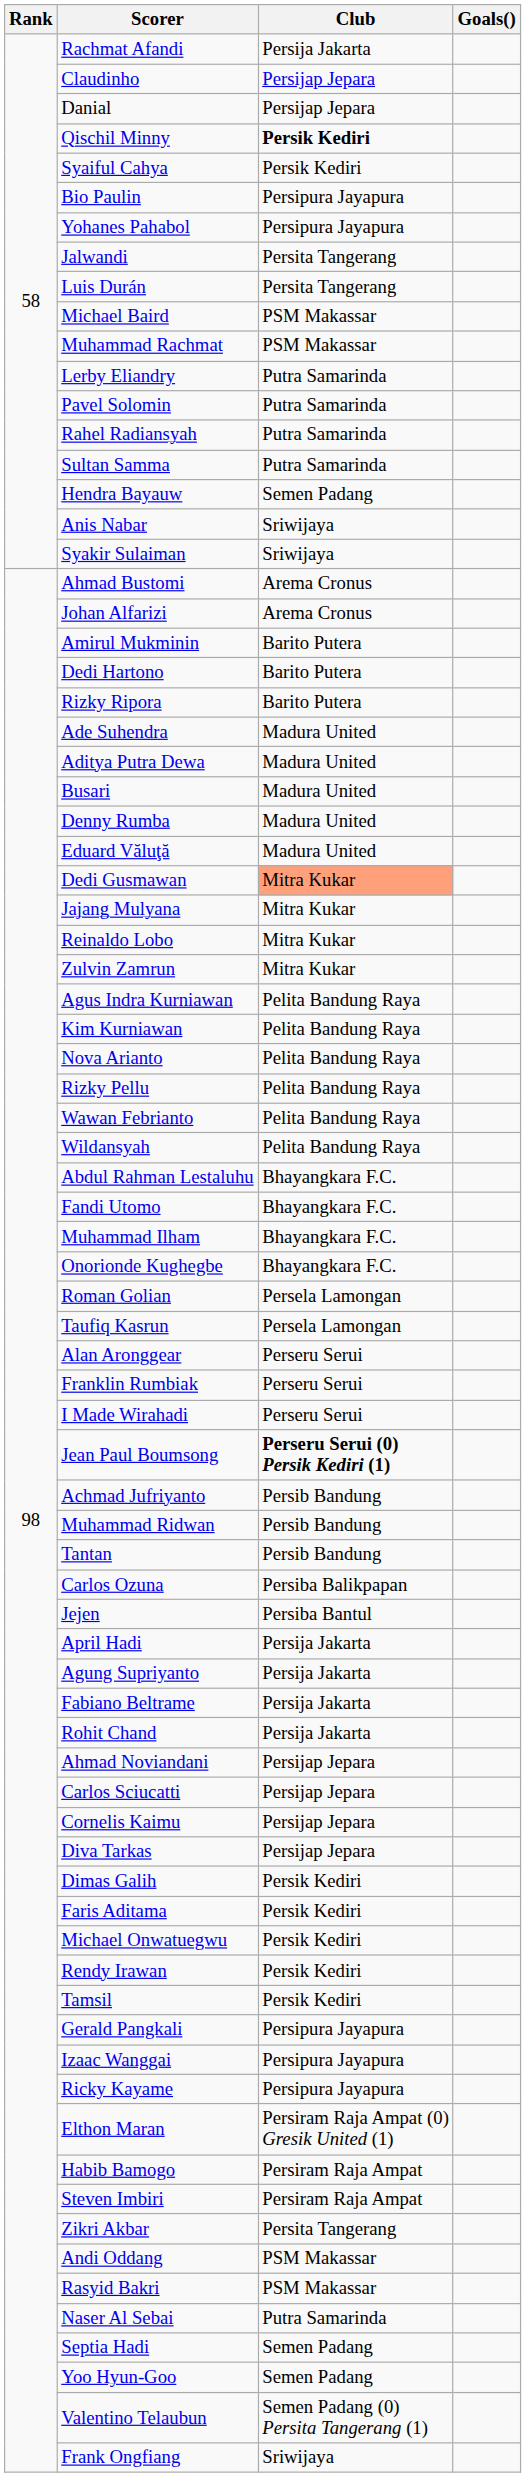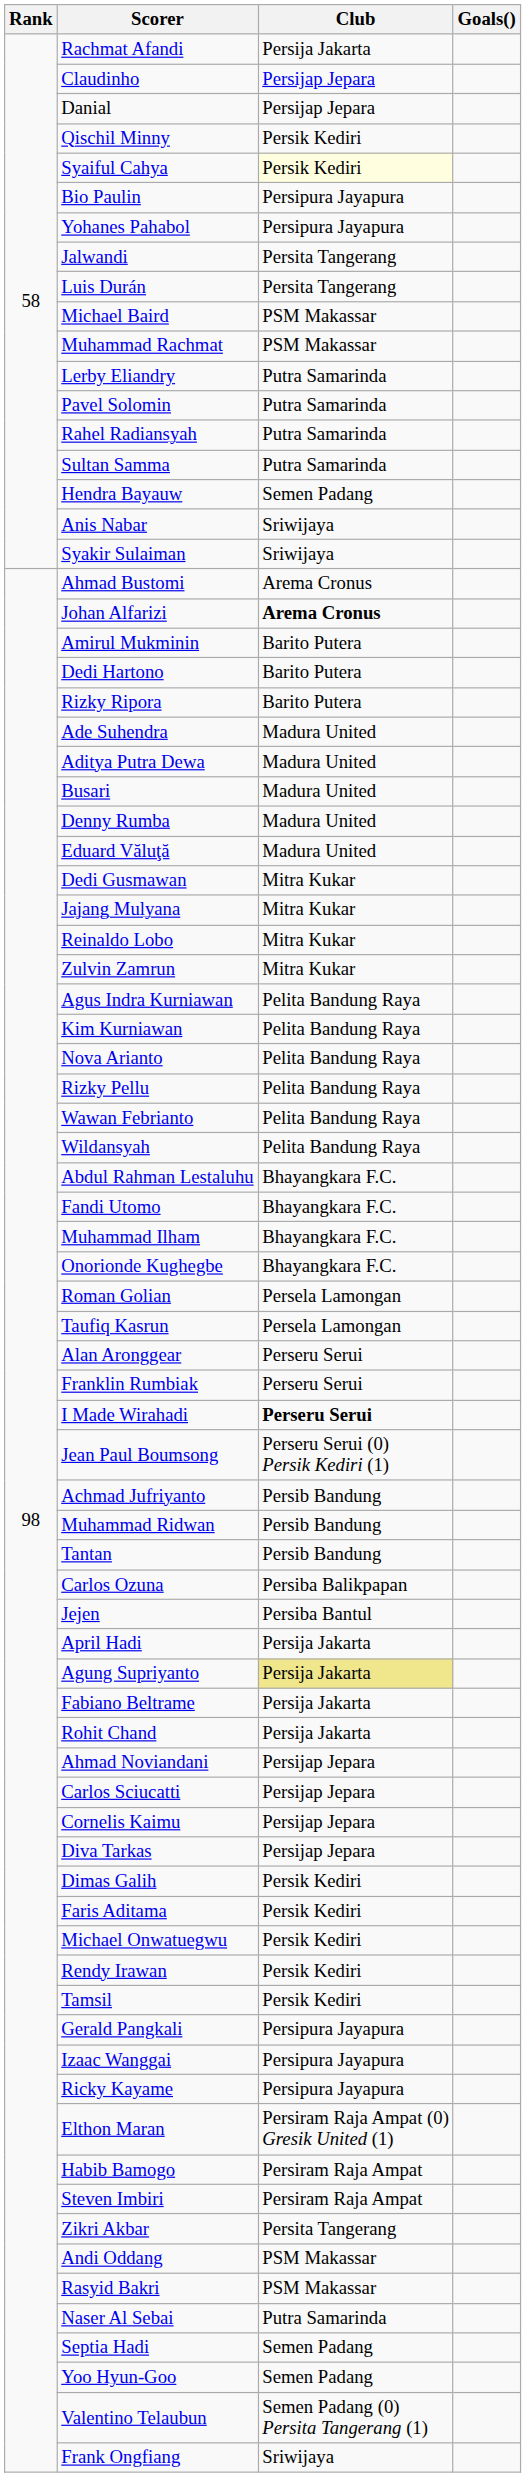 <table class="wikitable">
 <tr>
 <th>Rank</th>
 <th>Scorer</th>
 <th>Club</th>
 <th>Goals()</th>
 </tr>
 <tr>
 <td rowspan="18" align="center">58</td>
 <td align="left"> <a href='#'>Rachmat Afandi</a></td>
 <td align="left">Persija Jakarta</td>
 <td></td>
 </tr>
 <tr>
 <td align="left"> <a href='#'>Claudinho</a></td>
 <td align="left"><a href='#'>Persijap Jepara</a></td>
 <td></td>
 </tr>
 <tr>
 <td align="left"> Danial</td>
 <td align="left">Persijap Jepara</td>
 <td></td>
 </tr>
 <tr>
 <td align="left"> <a href='#'>Qischil Minny</a></td>
-<td align="left"><strong>Persik Kediri</strong></td>
+<td align="left">Persik Kediri</td>
 <td></td>
 </tr>
 <tr>
 <td align="left"> <a href='#'>Syaiful Cahya</a></td>
-<td align="left">Persik Kediri</td>
+<td align="left" style="background: lightyellow;">Persik Kediri</td>
 <td></td>
 </tr>
 <tr>
 <td align="left"> <a href='#'>Bio Paulin</a></td>
 <td align="left">Persipura Jayapura</td>
 <td></td>
 </tr>
 <tr>
 <td align="left"> <a href='#'>Yohanes Pahabol</a></td>
 <td align="left">Persipura Jayapura</td>
 <td></td>
 </tr>
 <tr>
 <td align="left"> <a href='#'>Jalwandi</a></td>
 <td align="left">Persita Tangerang</td>
 <td></td>
 </tr>
 <tr>
 <td align="left"> <a href='#'>Luis Durán</a></td>
 <td align="left">Persita Tangerang</td>
 <td></td>
 </tr>
 <tr>
 <td align="left"> <a href='#'>Michael Baird</a></td>
 <td align="left">PSM Makassar</td>
 <td></td>
 </tr>
 <tr>
 <td align="left"> <a href='#'>Muhammad Rachmat</a></td>
 <td align="left">PSM Makassar</td>
 <td></td>
 </tr>
 <tr>
 <td align="left"> <a href='#'>Lerby Eliandry</a></td>
 <td align="left">Putra Samarinda</td>
 <td></td>
 </tr>
 <tr>
 <td align="left"> <a href='#'>Pavel Solomin</a></td>
 <td align="left">Putra Samarinda</td>
 <td></td>
 </tr>
 <tr>
 <td align="left"> <a href='#'>Rahel Radiansyah</a></td>
 <td align="left">Putra Samarinda</td>
 <td></td>
 </tr>
 <tr>
 <td align="left"> <a href='#'>Sultan Samma</a></td>
 <td align="left">Putra Samarinda</td>
 <td></td>
 </tr>
 <tr>
 <td align="left"> <a href='#'>Hendra Bayauw</a></td>
 <td align="left">Semen Padang</td>
 <td></td>
 </tr>
 <tr>
 <td align="left"> <a href='#'>Anis Nabar</a></td>
 <td align="left">Sriwijaya</td>
 <td></td>
 </tr>
 <tr>
 <td align="left"> <a href='#'>Syakir Sulaiman</a></td>
 <td align="left">Sriwijaya</td>
 <td></td>
 </tr>
 <tr>
 <td rowspan="62" align="center">98</td>
 <td align="left"> <a href='#'>Ahmad Bustomi</a></td>
 <td align="left">Arema Cronus</td>
 <td></td>
 </tr>
 <tr>
 <td align="left"> <a href='#'>Johan Alfarizi</a></td>
-<td align="left">Arema Cronus</td>
+<td align="left"><strong>Arema Cronus</strong></td>
 <td></td>
 </tr>
 <tr>
 <td align="left"> <a href='#'>Amirul Mukminin</a></td>
 <td align="left">Barito Putera</td>
 <td></td>
 </tr>
 <tr>
 <td align="left"> <a href='#'>Dedi Hartono</a></td>
 <td align="left">Barito Putera</td>
 <td></td>
 </tr>
 <tr>
 <td align="left"> <a href='#'>Rizky Ripora</a></td>
 <td align="left">Barito Putera</td>
 <td></td>
 </tr>
 <tr>
 <td align="left"> <a href='#'>Ade Suhendra</a></td>
 <td align="left">Madura United</td>
 <td></td>
 </tr>
 <tr>
 <td align="left"> <a href='#'>Aditya Putra Dewa</a></td>
 <td align="left">Madura United</td>
 <td></td>
 </tr>
 <tr>
 <td align="left"> <a href='#'>Busari</a></td>
 <td align="left">Madura United</td>
 <td></td>
 </tr>
 <tr>
 <td align="left"> <a href='#'>Denny Rumba</a></td>
 <td align="left">Madura United</td>
 <td></td>
 </tr>
 <tr>
 <td align="left"> <a href='#'>Eduard Văluţă</a></td>
 <td align="left">Madura United</td>
 <td></td>
 </tr>
 <tr>
 <td align="left"> <a href='#'>Dedi Gusmawan</a></td>
-<td align="left" style="background: lightsalmon;">Mitra Kukar</td>
+<td align="left">Mitra Kukar</td>
 <td></td>
 </tr>
 <tr>
 <td align="left"> <a href='#'>Jajang Mulyana</a></td>
 <td align="left">Mitra Kukar</td>
 <td></td>
 </tr>
 <tr>
 <td align="left"> <a href='#'>Reinaldo Lobo</a></td>
 <td align="left">Mitra Kukar</td>
 <td></td>
 </tr>
 <tr>
 <td align="left"> <a href='#'>Zulvin Zamrun</a></td>
 <td align="left">Mitra Kukar</td>
 <td></td>
 </tr>
 <tr>
 <td align="left"> <a href='#'>Agus Indra Kurniawan</a></td>
 <td align="left">Pelita Bandung Raya</td>
 <td></td>
 </tr>
 <tr>
 <td align="left"> <a href='#'>Kim Kurniawan</a></td>
 <td align="left">Pelita Bandung Raya</td>
 <td></td>
 </tr>
 <tr>
 <td align="left"> <a href='#'>Nova Arianto</a></td>
 <td align="left">Pelita Bandung Raya</td>
 <td></td>
 </tr>
 <tr>
 <td align="left"> <a href='#'>Rizky Pellu</a></td>
 <td align="left">Pelita Bandung Raya</td>
 <td></td>
 </tr>
 <tr>
 <td align="left"> <a href='#'>Wawan Febrianto</a></td>
 <td align="left">Pelita Bandung Raya</td>
 <td></td>
 </tr>
 <tr>
 <td align="left"> <a href='#'>Wildansyah</a></td>
 <td align="left">Pelita Bandung Raya</td>
 <td></td>
 </tr>
 <tr>
 <td align="left"> <a href='#'>Abdul Rahman Lestaluhu</a></td>
 <td align="left">Bhayangkara F.C.</td>
 <td></td>
 </tr>
 <tr>
 <td align="left"> <a href='#'>Fandi Utomo</a></td>
 <td align="left">Bhayangkara F.C.</td>
 <td></td>
 </tr>
 <tr>
 <td align="left"> <a href='#'>Muhammad Ilham</a></td>
 <td align="left">Bhayangkara F.C.</td>
 <td></td>
 </tr>
 <tr>
 <td align="left"> <a href='#'>Onorionde Kughegbe</a></td>
 <td align="left">Bhayangkara F.C.</td>
 <td></td>
 </tr>
 <tr>
 <td align="left"> <a href='#'>Roman Golian</a></td>
 <td align="left">Persela Lamongan</td>
 <td></td>
 </tr>
 <tr>
 <td align="left"> <a href='#'>Taufiq Kasrun</a></td>
 <td align="left">Persela Lamongan</td>
 <td></td>
 </tr>
 <tr>
 <td align="left"> <a href='#'>Alan Aronggear</a></td>
 <td align="left">Perseru Serui</td>
 <td></td>
 </tr>
 <tr>
 <td align="left"> <a href='#'>Franklin Rumbiak</a></td>
 <td align="left">Perseru Serui</td>
 <td></td>
 </tr>
 <tr>
 <td align="left"> <a href='#'>I Made Wirahadi</a></td>
-<td align="left">Perseru Serui</td>
+<td align="left"><strong>Perseru Serui</strong></td>
 <td></td>
 </tr>
 <tr>
 <td align="left"> <a href='#'>Jean Paul Boumsong</a></td>
-<td align="left"><strong>Perseru Serui (0)<br><em>Persik Kediri</em> (1)</strong></td>
+<td align="left">Perseru Serui (0)<br><em>Persik Kediri</em> (1)</td>
 <td></td>
 </tr>
 <tr>
 <td align="left"> <a href='#'>Achmad Jufriyanto</a></td>
 <td align="left">Persib Bandung</td>
 <td></td>
 </tr>
 <tr>
 <td align="left"> <a href='#'>Muhammad Ridwan</a></td>
 <td align="left">Persib Bandung</td>
 <td></td>
 </tr>
 <tr>
 <td align="left"> <a href='#'>Tantan</a></td>
 <td align="left">Persib Bandung</td>
 <td></td>
 </tr>
 <tr>
 <td align="left"> <a href='#'>Carlos Ozuna</a></td>
 <td align="left">Persiba Balikpapan</td>
 <td></td>
 </tr>
 <tr>
 <td align="left"> <a href='#'>Jejen</a></td>
 <td align="left">Persiba Bantul</td>
 <td></td>
 </tr>
 <tr>
 <td align="left"> <a href='#'>April Hadi</a></td>
 <td align="left">Persija Jakarta</td>
 <td></td>
 </tr>
 <tr>
 <td align="left"> <a href='#'>Agung Supriyanto</a></td>
-<td align="left">Persija Jakarta</td>
+<td align="left" style="background: khaki;">Persija Jakarta</td>
 <td></td>
 </tr>
 <tr>
 <td align="left"> <a href='#'>Fabiano Beltrame</a></td>
 <td align="left">Persija Jakarta</td>
 <td></td>
 </tr>
 <tr>
 <td align="left"> <a href='#'>Rohit Chand</a></td>
 <td align="left">Persija Jakarta</td>
 <td></td>
 </tr>
 <tr>
 <td align="left"> <a href='#'>Ahmad Noviandani</a></td>
 <td align="left">Persijap Jepara</td>
 <td></td>
 </tr>
 <tr>
 <td align="left"> <a href='#'>Carlos Sciucatti</a></td>
 <td align="left">Persijap Jepara</td>
 <td></td>
 </tr>
 <tr>
 <td align="left"> <a href='#'>Cornelis Kaimu</a></td>
 <td align="left">Persijap Jepara</td>
 <td></td>
 </tr>
 <tr>
 <td align="left"> <a href='#'>Diva Tarkas</a></td>
 <td align="left">Persijap Jepara</td>
 <td></td>
 </tr>
 <tr>
 <td align="left"> <a href='#'>Dimas Galih</a></td>
 <td align="left">Persik Kediri</td>
 <td></td>
 </tr>
 <tr>
 <td align="left"> <a href='#'>Faris Aditama</a></td>
 <td align="left">Persik Kediri</td>
 <td></td>
 </tr>
 <tr>
 <td align="left"> <a href='#'>Michael Onwatuegwu</a></td>
 <td align="left">Persik Kediri</td>
 <td></td>
 </tr>
 <tr>
 <td align="left"> <a href='#'>Rendy Irawan</a></td>
 <td align="left">Persik Kediri</td>
 <td></td>
 </tr>
 <tr>
 <td align="left"> <a href='#'>Tamsil</a></td>
 <td align="left">Persik Kediri</td>
 <td></td>
 </tr>
 <tr>
 <td align="left"> <a href='#'>Gerald Pangkali</a></td>
 <td align="left">Persipura Jayapura</td>
 <td></td>
 </tr>
 <tr>
 <td align="left"> <a href='#'>Izaac Wanggai</a></td>
 <td align="left">Persipura Jayapura</td>
 <td></td>
 </tr>
 <tr>
 <td align="left"> <a href='#'>Ricky Kayame</a></td>
 <td align="left">Persipura Jayapura</td>
 <td></td>
 </tr>
 <tr>
 <td align="left"> <a href='#'>Elthon Maran</a></td>
 <td align="left">Persiram Raja Ampat (0)<br><em>Gresik United</em> (1)</td>
 <td></td>
 </tr>
 <tr>
 <td align="left"> <a href='#'>Habib Bamogo</a></td>
 <td align="left">Persiram Raja Ampat</td>
 <td></td>
 </tr>
 <tr>
 <td align="left"> <a href='#'>Steven Imbiri</a></td>
 <td align="left">Persiram Raja Ampat</td>
 <td></td>
 </tr>
 <tr>
 <td align="left"> <a href='#'>Zikri Akbar</a></td>
 <td align="left">Persita Tangerang</td>
 <td></td>
 </tr>
 <tr>
 <td align="left"> <a href='#'>Andi Oddang</a></td>
 <td align="left">PSM Makassar</td>
 <td></td>
 </tr>
 <tr>
 <td align="left"> <a href='#'>Rasyid Bakri</a></td>
 <td align="left">PSM Makassar</td>
 <td></td>
 </tr>
 <tr>
 <td align="left"> <a href='#'>Naser Al Sebai</a></td>
 <td align="left">Putra Samarinda</td>
 <td></td>
 </tr>
 <tr>
 <td align="left"> <a href='#'>Septia Hadi</a></td>
 <td align="left">Semen Padang</td>
 <td></td>
 </tr>
 <tr>
 <td align="left"> <a href='#'>Yoo Hyun-Goo</a></td>
 <td align="left">Semen Padang</td>
 <td></td>
 </tr>
 <tr>
 <td align="left"> <a href='#'>Valentino Telaubun</a></td>
 <td align="left">Semen Padang (0)<br><em>Persita Tangerang</em> (1)</td>
 <td></td>
 </tr>
 <tr>
 <td align="left"> <a href='#'>Frank Ongfiang</a></td>
 <td align="left">Sriwijaya</td>
 <td></td>
 </tr>
 </table>
